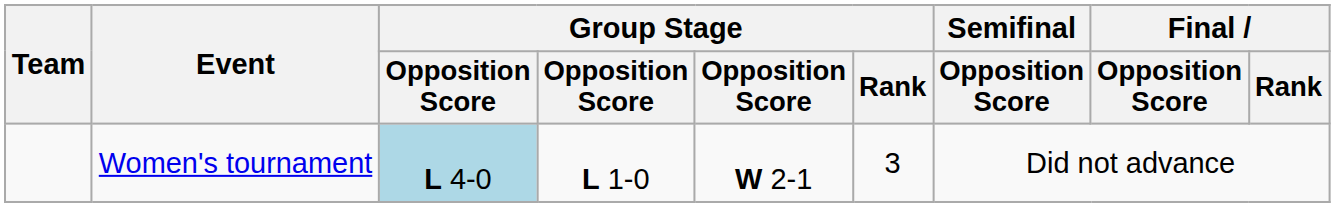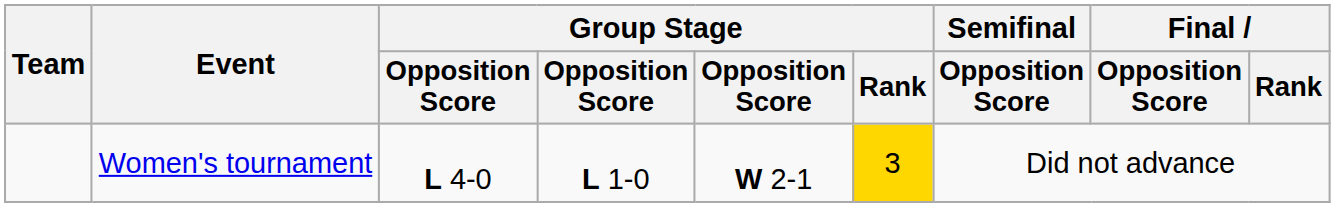 <table class="wikitable" style="font-size:90%">
 <tr>
 <th rowspan="2">Team</th>
 <th rowspan="2">Event</th>
 <th colspan="4">Group Stage</th>
 <th>Semifinal</th>
 <th colspan="2">Final / </th>
 </tr>
 <tr style="font-size:95%">
 <th>Opposition<br>Score</th>
 <th>Opposition<br>Score</th>
 <th>Opposition<br>Score</th>
 <th>Rank</th>
 <th>Opposition<br>Score</th>
 <th>Opposition<br>Score</th>
 <th>Rank</th>
 </tr>
 <tr align="center">
 <td align="left"></td>
 <td align="left"><a href='#'>Women's tournament</a></td>
-<td style="background: lightblue;"><br> <strong>L</strong> 4-0</td>
+<td><br> <strong>L</strong> 4-0</td>
 <td><br> <strong>L</strong> 1-0</td>
 <td><br> <strong>W</strong> 2-1</td>
-<td>3</td>
+<td style="background: gold;">3</td>
 <td colspan="3">Did not advance</td>
 </tr>
 </table>
